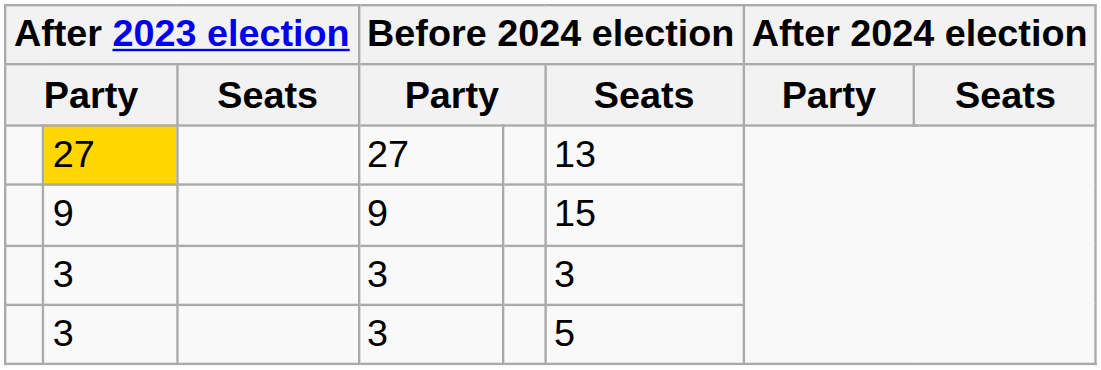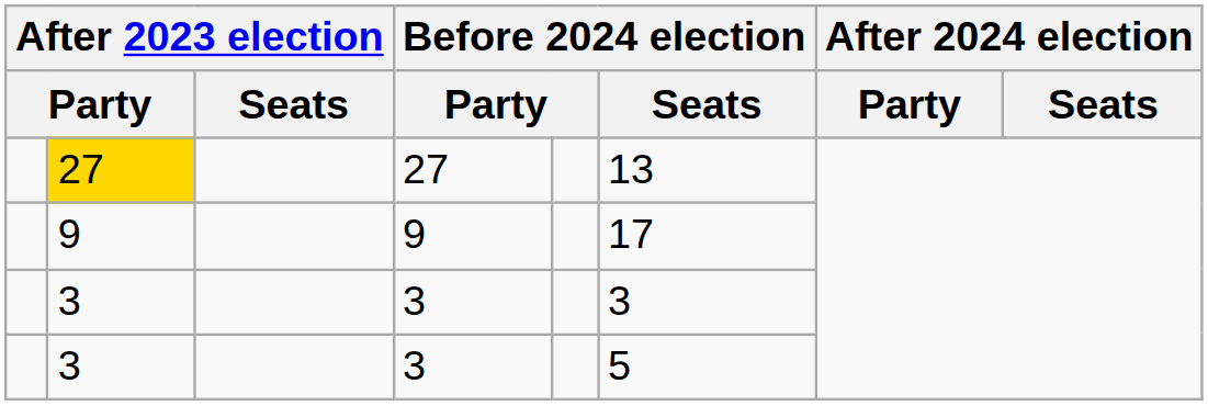 <table class="wikitable">
 <tr>
 <th colspan="3">After <a href='#'>2023 election</a></th>
 <th colspan="3">Before 2024 election</th>
 <th colspan="3">After 2024 election</th>
 </tr>
 <tr>
 <th colspan="2">Party</th>
 <th>Seats</th>
 <th colspan="2">Party</th>
 <th>Seats</th>
 <th colspan="2">Party</th>
 <th>Seats</th>
 </tr>
 <tr>
 <td></td>
 <td style="background: gold;">27</td>
 <td></td>
 <td>27</td>
 <td></td>
 <td>13</td>
 </tr>
 <tr>
 <td></td>
 <td>9</td>
 <td></td>
 <td>9</td>
 <td></td>
-<td>15</td>
+<td>17</td>
 </tr>
 <tr>
 <td></td>
 <td>3</td>
 <td></td>
 <td>3</td>
 <td></td>
 <td>3</td>
 </tr>
 <tr>
 <td></td>
 <td>3</td>
 <td></td>
 <td>3</td>
 <td></td>
 <td>5</td>
 </tr>
 </table>
